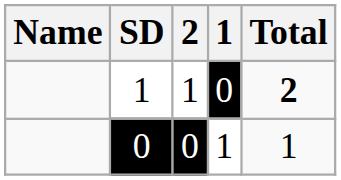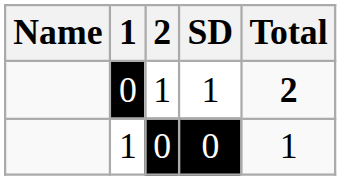 <table class="wikitable">
 <tr>
 <th>Name</th>
+<th>1</th>
+<th>2</th>
 <th>SD</th>
-<th>2</th>
-<th>1</th>
 <th>Total</th>
 </tr>
 <tr align=center>
 <td align=left></td>
+<td style="background:black; color:white ">0</td>
 <td style="background:white; color:black">1</td>
 <td style="background:white; color:black">1</td>
-<td style="background:black; color:white ">0</td>
 <td><strong>2</strong></td>
 </tr>
 <tr align=center>
 <td align=left></td>
+<td style="background:white; color:black">1</td>
 <td style="background:black; color:white">0</td>
 <td style="background:black; color:white">0</td>
-<td style="background:white; color:black">1</td>
 <td>1</td>
 </tr>
 </table>
